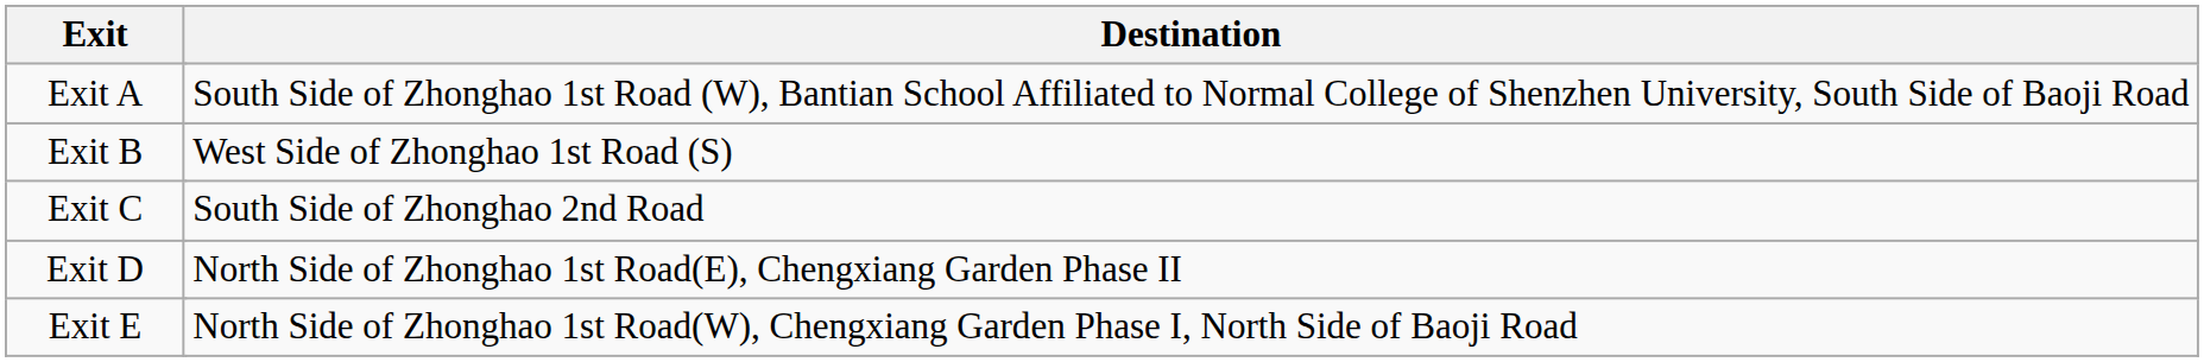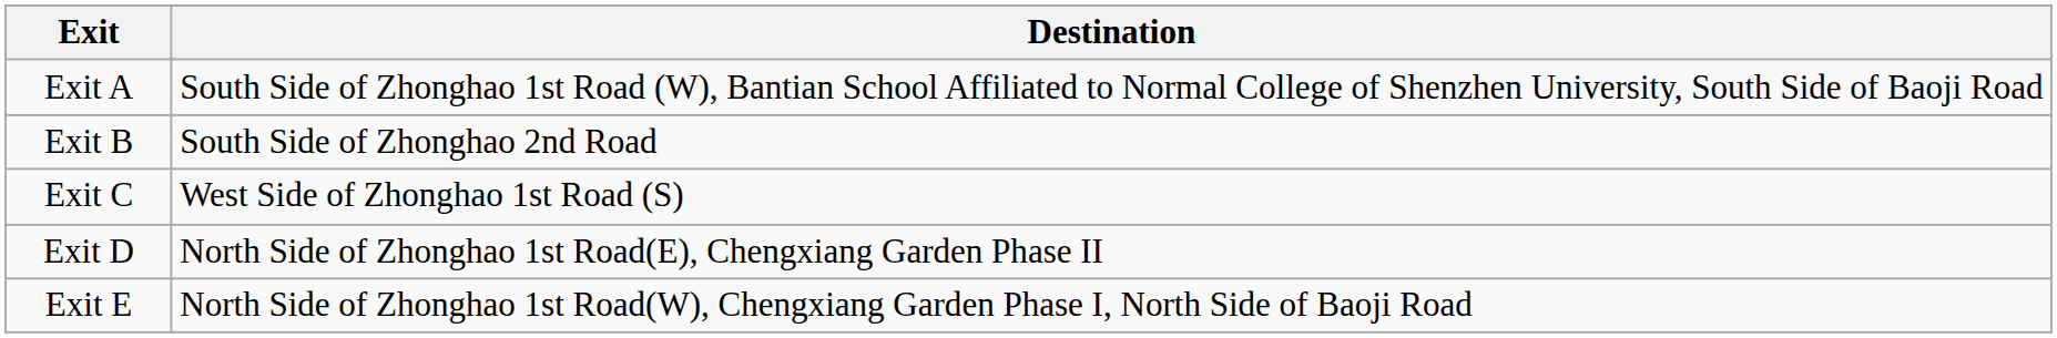 <table class="wikitable">
 <tr>
 <th style="width:70px" colspan="2">Exit</th>
 <th>Destination</th>
 </tr>
 <tr>
 <td align="center" colspan="2">Exit A</td>
 <td>South Side of Zhonghao 1st Road (W), Bantian School Affiliated to Normal College of Shenzhen University, South Side of Baoji Road</td>
 </tr>
 <tr>
 <td align="center" colspan="2">Exit B</td>
-<td>West Side of Zhonghao 1st Road (S)</td>
+<td>South Side of Zhonghao 2nd Road</td>
 </tr>
 <tr>
 <td align="center" colspan="2">Exit C</td>
-<td>South Side of Zhonghao 2nd Road</td>
+<td>West Side of Zhonghao 1st Road (S)</td>
 </tr>
 <tr>
 <td align="center" colspan="2">Exit D</td>
 <td>North Side of Zhonghao 1st Road(E), Chengxiang Garden Phase II</td>
 </tr>
 <tr>
 <td align="center" colspan="2">Exit E</td>
 <td>North Side of Zhonghao 1st Road(W), Chengxiang Garden Phase I, North Side of Baoji Road</td>
 </tr>
 </table>
